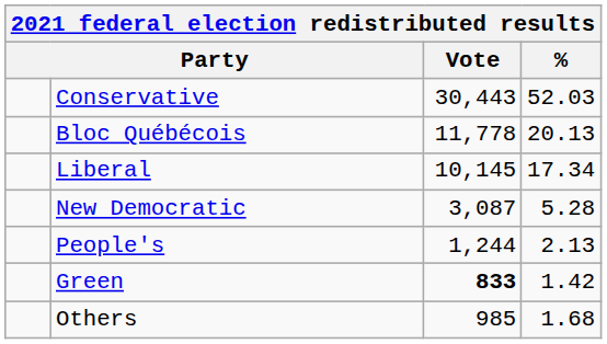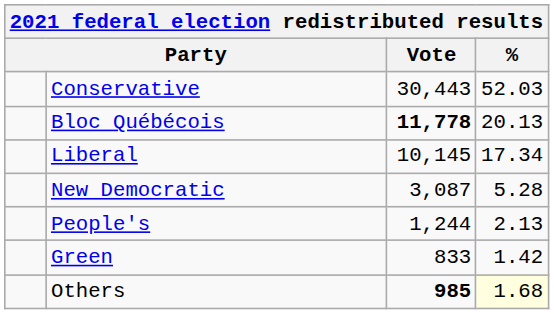 <table class="wikitable">
 <tr>
 <th colspan="4"><a href='#'>2021 federal election</a> redistributed results</th>
 </tr>
 <tr>
 <th bgcolor="#DDDDFF" width="130px" colspan="2">Party</th>
 <th bgcolor="#DDDDFF" width="50px">Vote</th>
 <th bgcolor="#DDDDFF" width="30px">%</th>
 </tr>
 <tr>
 <td> </td>
 <td><a href='#'>Conservative</a></td>
 <td align=right>30,443</td>
 <td align=right>52.03</td>
 </tr>
 <tr>
 <td> </td>
 <td><a href='#'>Bloc Québécois</a></td>
-<td align=right>11,778</td>
+<td align=right><strong>11,778</strong></td>
 <td align=right>20.13</td>
 </tr>
 <tr>
 <td> </td>
 <td><a href='#'>Liberal</a></td>
 <td align=right>10,145</td>
 <td align=right>17.34</td>
 </tr>
 <tr>
 <td> </td>
 <td><a href='#'>New Democratic</a></td>
 <td align=right>3,087</td>
 <td align=right>5.28</td>
 </tr>
 <tr>
 <td> </td>
 <td><a href='#'>People's</a></td>
 <td align=right>1,244</td>
 <td align=right>2.13</td>
 </tr>
 <tr>
 <td> </td>
 <td><a href='#'>Green</a></td>
-<td align=right><strong>833</strong></td>
+<td align=right>833</td>
 <td align=right>1.42</td>
 </tr>
 <tr>
 <td> </td>
 <td>Others</td>
-<td align=right>985</td>
-<td align=right>1.68</td>
+<td align=right><strong>985</strong></td>
+<td align=right style="background: lightyellow;">1.68</td>
 </tr>
 </table>
